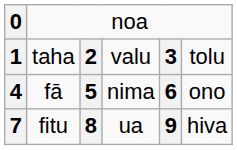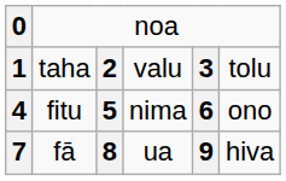 <table class="wikitable" style="text-align:center">
 <tr>
 <th>0</th>
 <td colspan="5">noa</td>
 </tr>
 <tr>
 <th>1</th>
 <td>taha</td>
 <th>2</th>
 <td>valu</td>
 <th>3</th>
 <td>tolu</td>
 </tr>
 <tr>
 <th>4</th>
-<td>fā</td>
+<td>fitu</td>
 <th>5</th>
 <td>nima</td>
 <th>6</th>
 <td>ono</td>
 </tr>
 <tr>
 <th>7</th>
-<td>fitu</td>
+<td>fā</td>
 <th>8</th>
 <td>ua</td>
 <th>9</th>
 <td>hiva</td>
 </tr>
 </table>
